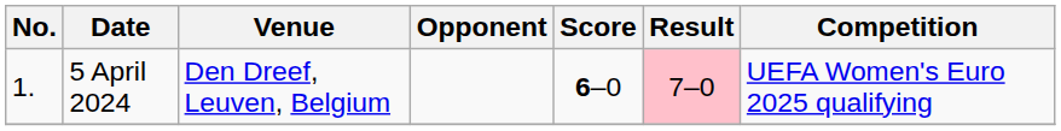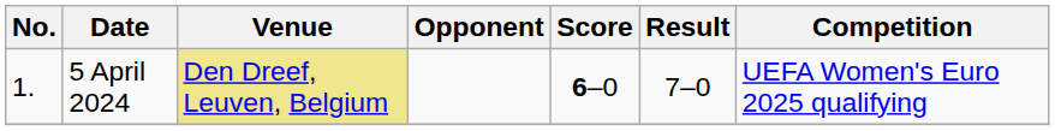 <table class="wikitable">
 <tr>
 <th scope="col">No.</th>
 <th scope="col">Date</th>
 <th scope="col">Venue</th>
 <th scope="col">Opponent</th>
 <th scope="col">Score</th>
 <th scope="col">Result</th>
 <th scope="col">Competition</th>
 </tr>
 <tr>
 <td>1.</td>
 <td>5 April 2024</td>
-<td><a href='#'>Den Dreef</a>, <a href='#'>Leuven</a>, <a href='#'>Belgium</a></td>
+<td style="background: khaki;"><a href='#'>Den Dreef</a>, <a href='#'>Leuven</a>, <a href='#'>Belgium</a></td>
 <td></td>
 <td align=center><strong>6</strong>–0</td>
-<td align=center style="background: pink;">7–0</td>
+<td align=center>7–0</td>
 <td><a href='#'>UEFA Women's Euro 2025 qualifying</a></td>
 </tr>
 <tr>
 </tr>
 </table>
